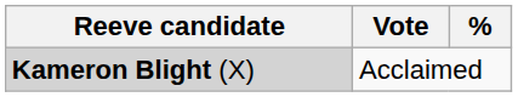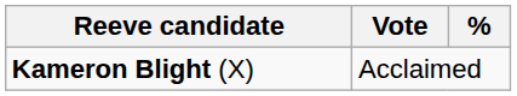 <table class="wikitable">
 <tr>
 <th width="200px">Reeve candidate</th>
 <th width="50px">Vote</th>
 <th width="30px">%</th>
 </tr>
 <tr>
-<td style="background: lightgrey;"><strong>Kameron Blight</strong> (X)</td>
+<td><strong>Kameron Blight</strong> (X)</td>
 <td colspan="2">Acclaimed</td>
 </tr>
 </table>
